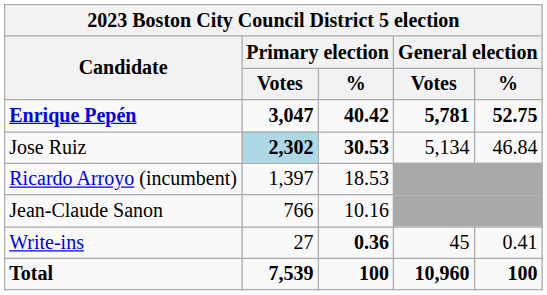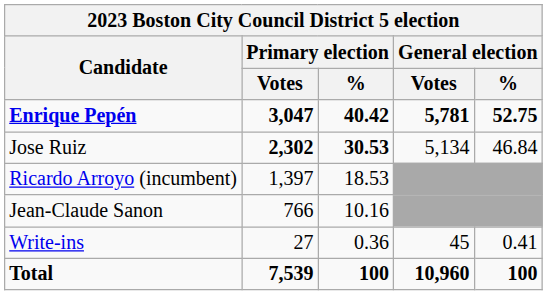 <table class="wikitable">
 <tr>
 <th colspan="5">2023 Boston City Council District 5 election</th>
 </tr>
 <tr>
 <th colspan="1" rowspan="2">Candidate</th>
 <th colspan="2"><strong>Primary election</strong></th>
 <th colspan="2"><strong>General election</strong></th>
 </tr>
 <tr>
 <th>Votes</th>
 <th>%</th>
 <th>Votes</th>
 <th>%</th>
 </tr>
 <tr>
 <td><strong><a href='#'>Enrique Pepén</a></strong></td>
 <td align="right"><strong>3,047</strong></td>
 <td align="right"><strong>40.42</strong></td>
 <td align="right"><strong>5,781</strong></td>
 <td align="right"><strong>52.75</strong></td>
 </tr>
 <tr>
 <td>Jose Ruiz</td>
-<td align="right" style="background: lightblue;"><strong>2,302</strong></td>
+<td align="right"><strong>2,302</strong></td>
 <td align="right"><strong>30.53</strong></td>
 <td align="right">5,134</td>
 <td align="right">46.84</td>
 </tr>
 <tr>
 <td><a href='#'>Ricardo Arroyo</a> (incumbent)</td>
 <td align="right">1,397</td>
 <td align="right">18.53</td>
 <td colspan="2" bgcolor="darkgray"> </td>
 </tr>
 <tr>
 <td>Jean-Claude Sanon</td>
 <td align="right">766</td>
 <td align="right">10.16</td>
 <td colspan="2" bgcolor="darkgray"> </td>
 </tr>
 <tr>
 <td><a href='#'>Write-ins</a></td>
 <td align="right">27</td>
-<td align="right"><strong>0.36</strong></td>
+<td align="right">0.36</td>
 <td align="right">45</td>
 <td align="right">0.41</td>
 </tr>
 <tr>
 <td><strong>Total</strong></td>
 <td align="right"><strong>7,539</strong></td>
 <td align="right"><strong>100</strong></td>
 <td align="right"><strong>10,960</strong></td>
 <td align="right"><strong>100</strong></td>
 </tr>
 </table>
